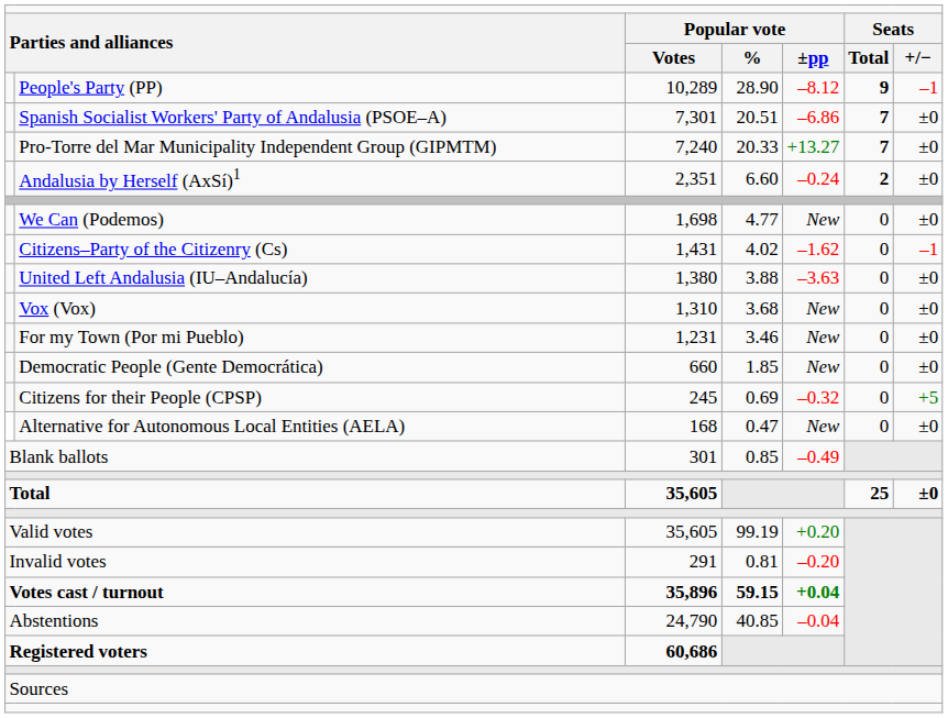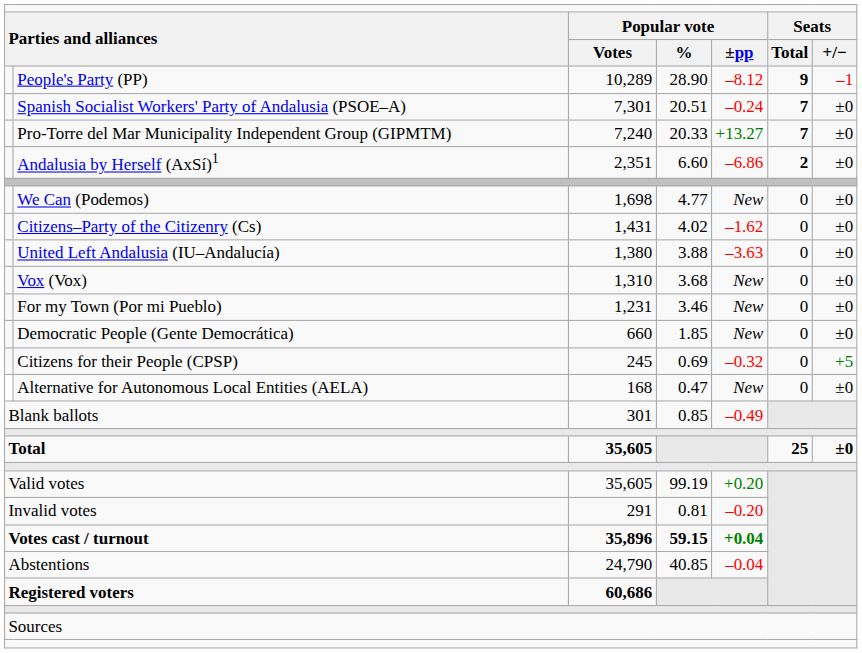 <table class="wikitable" style="text-align:right;">
 <tr>
 <td colspan="7"></td>
 </tr>
 <tr>
 <th style="text-align:left;" rowspan="2" colspan="2" width="525">Parties and alliances</th>
 <th colspan="3">Popular vote</th>
 <th colspan="2">Seats</th>
 </tr>
 <tr>
 <th width="75">Votes</th>
 <th width="45">%</th>
 <th width="45">±<a href='#'>pp</a></th>
 <th width="35">Total</th>
 <th width="35">+/−</th>
 </tr>
 <tr>
 <td width="1" style="color:inherit;background:"></td>
 <td align="left"><a href='#'>People's Party</a> (PP)</td>
 <td>10,289</td>
 <td>28.90</td>
 <td style="color:red;">–8.12</td>
 <td><strong>9</strong></td>
 <td style="color:red;">–1</td>
 </tr>
 <tr>
 <td style="color:inherit;background:"></td>
 <td align="left"><a href='#'>Spanish Socialist Workers' Party of Andalusia</a> (PSOE–A)</td>
 <td>7,301</td>
 <td>20.51</td>
-<td style="color:red;">–6.86</td>
+<td style="color:red;">–0.24</td>
 <td><strong>7</strong></td>
 <td>±0</td>
 </tr>
 <tr>
 <td style="color:inherit;background:"></td>
 <td align="left">Pro-Torre del Mar Municipality Independent Group (GIPMTM)</td>
 <td>7,240</td>
 <td>20.33</td>
 <td style="color:green;">+13.27</td>
 <td><strong>7</strong></td>
 <td>±0</td>
 </tr>
 <tr>
 <td style="color:inherit;background:"></td>
 <td align="left"><a href='#'>Andalusia by Herself</a> (AxSí)<sup>1</sup></td>
 <td>2,351</td>
 <td>6.60</td>
-<td style="color:red;">–0.24</td>
+<td style="color:red;">–6.86</td>
 <td><strong>2</strong></td>
 <td>±0</td>
 </tr>
 <tr>
 <td colspan="7" bgcolor="#C0C0C0"></td>
 </tr>
 <tr>
 <td style="color:inherit;background:"></td>
 <td align="left"><a href='#'>We Can</a> (Podemos)</td>
 <td>1,698</td>
 <td>4.77</td>
 <td><em>New</em></td>
 <td>0</td>
 <td>±0</td>
 </tr>
 <tr>
 <td style="color:inherit;background:"></td>
 <td align="left"><a href='#'>Citizens–Party of the Citizenry</a> (Cs)</td>
 <td>1,431</td>
 <td>4.02</td>
 <td style="color:red;">–1.62</td>
 <td>0</td>
-<td style="color:red;">–1</td>
+<td>±0</td>
 </tr>
 <tr>
 <td style="color:inherit;background:"></td>
 <td align="left"><a href='#'>United Left Andalusia</a> (IU–Andalucía)</td>
 <td>1,380</td>
 <td>3.88</td>
 <td style="color:red;">–3.63</td>
 <td>0</td>
 <td>±0</td>
 </tr>
 <tr>
 <td style="color:inherit;background:"></td>
 <td align="left"><a href='#'>Vox</a> (Vox)</td>
 <td>1,310</td>
 <td>3.68</td>
 <td><em>New</em></td>
 <td>0</td>
 <td>±0</td>
 </tr>
 <tr>
 <td style="color:inherit;background:"></td>
 <td align="left">For my Town (Por mi Pueblo)</td>
 <td>1,231</td>
 <td>3.46</td>
 <td><em>New</em></td>
 <td>0</td>
 <td>±0</td>
 </tr>
 <tr>
 <td style="color:inherit;background:"></td>
 <td align="left">Democratic People (Gente Democrática)</td>
 <td>660</td>
 <td>1.85</td>
 <td><em>New</em></td>
 <td>0</td>
 <td>±0</td>
 </tr>
 <tr>
 <td style="color:inherit;background:"></td>
 <td align="left">Citizens for their People (CPSP)</td>
 <td>245</td>
 <td>0.69</td>
 <td style="color:red;">–0.32</td>
 <td>0</td>
 <td style="color:green;">+5</td>
 </tr>
 <tr>
 <td bgcolor="white"></td>
 <td align="left">Alternative for Autonomous Local Entities (AELA)</td>
 <td>168</td>
 <td>0.47</td>
 <td><em>New</em></td>
 <td>0</td>
 <td>±0</td>
 </tr>
 <tr>
 <td align="left" colspan="2">Blank ballots</td>
 <td>301</td>
 <td>0.85</td>
 <td style="color:red;">–0.49</td>
 <td bgcolor="#E9E9E9" colspan="2"></td>
 </tr>
 <tr>
 <td colspan="7" bgcolor="#E9E9E9"></td>
 </tr>
 <tr style="font-weight:bold;">
 <td align="left" colspan="2">Total</td>
 <td>35,605</td>
 <td bgcolor="#E9E9E9" colspan="2"></td>
 <td>25</td>
 <td>±0</td>
 </tr>
 <tr>
 <td colspan="7" bgcolor="#E9E9E9"></td>
 </tr>
 <tr>
 <td align="left" colspan="2">Valid votes</td>
 <td>35,605</td>
 <td>99.19</td>
 <td style="color:green;">+0.20</td>
 <td bgcolor="#E9E9E9" colspan="2" rowspan="5"></td>
 </tr>
 <tr>
 <td align="left" colspan="2">Invalid votes</td>
 <td>291</td>
 <td>0.81</td>
 <td style="color:red;">–0.20</td>
 </tr>
 <tr style="font-weight:bold;">
 <td align="left" colspan="2">Votes cast / turnout</td>
 <td>35,896</td>
 <td>59.15</td>
 <td style="color:green;">+0.04</td>
 </tr>
 <tr>
 <td align="left" colspan="2">Abstentions</td>
 <td>24,790</td>
 <td>40.85</td>
 <td style="color:red;">–0.04</td>
 </tr>
 <tr style="font-weight:bold;">
 <td align="left" colspan="2">Registered voters</td>
 <td>60,686</td>
 <td bgcolor="#E9E9E9" colspan="2"></td>
 </tr>
 <tr>
 <td colspan="7" bgcolor="#E9E9E9"></td>
 </tr>
 <tr>
 <td align="left" colspan="7">Sources</td>
 </tr>
 <tr>
 <td colspan="7" style="text-align:left; max-width:790px;"></td>
 </tr>
 </table>
